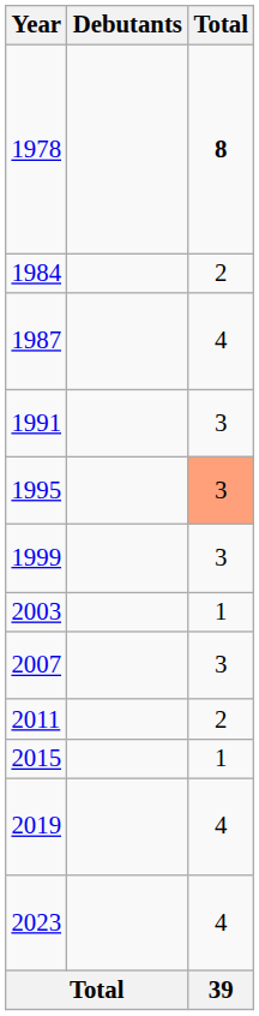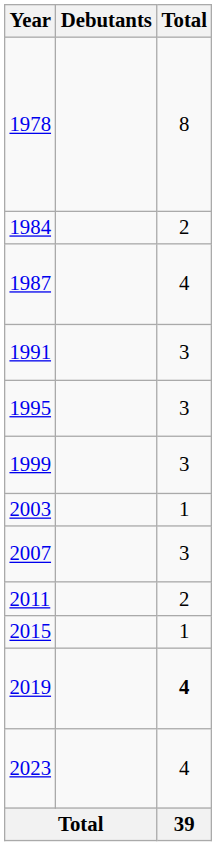 <table class="wikitable">
 <tr>
 <th>Year</th>
 <th>Debutants</th>
 <th>Total</th>
 </tr>
 <tr>
 <td><a href='#'>1978</a></td>
 <td> <br>  <br>  <br>  <br>  <br>  <br>  <br> </td>
-<td align=center><strong>8</strong></td>
+<td align=center>8</td>
 </tr>
 <tr>
 <td><a href='#'>1984</a></td>
 <td> <br> </td>
 <td align=center>2</td>
 </tr>
 <tr>
 <td><a href='#'>1987</a></td>
 <td> <br>  <br>  <br> </td>
 <td align=center>4</td>
 </tr>
 <tr>
 <td><a href='#'>1991</a></td>
 <td> <br>  <br> </td>
 <td align=center>3</td>
 </tr>
 <tr>
 <td><a href='#'>1995</a></td>
 <td> <br>  <br> </td>
-<td align=center style="background: lightsalmon;">3</td>
+<td align=center>3</td>
 </tr>
 <tr>
 <td><a href='#'>1999</a></td>
 <td> <br>  <br> </td>
 <td align=center>3</td>
 </tr>
 <tr>
 <td><a href='#'>2003</a></td>
 <td></td>
 <td align=center>1</td>
 </tr>
 <tr>
 <td><a href='#'>2007</a></td>
 <td> <br>  <br> </td>
 <td align=center>3</td>
 </tr>
 <tr>
 <td><a href='#'>2011</a></td>
 <td> <br> </td>
 <td align=center>2</td>
 </tr>
 <tr>
 <td><a href='#'>2015</a></td>
 <td></td>
 <td align=center>1</td>
 </tr>
 <tr>
 <td><a href='#'>2019</a></td>
 <td> <br>  <br>  <br> </td>
-<td align=center>4</td>
+<td align=center><strong>4</strong></td>
 </tr>
 <tr>
 <td><a href='#'>2023</a></td>
 <td> <br>  <br>  <br> </td>
 <td align=center>4</td>
 </tr>
 <tr>
 <th colspan=2>Total</th>
 <th align=center>39</th>
 </tr>
 </table>
